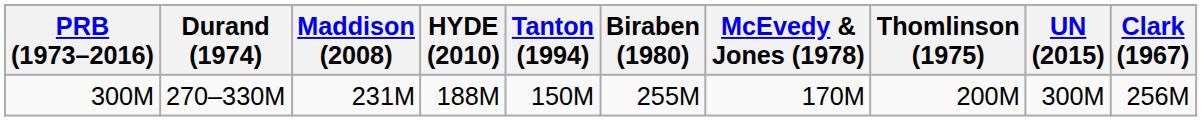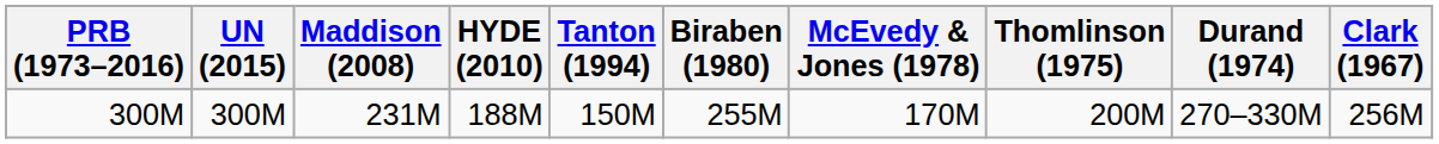 <table class="wikitable" style="text-align:right;font-size:small;">
 <tr>
 <th><a href='#'>PRB</a><br>(1973–2016)</th>
-<th>Durand<br>(1974)</th>
+<th><a href='#'>UN</a><br>(2015)</th>
 <th><a href='#'>Maddison</a><br>(2008)</th>
 <th>HYDE<br>(2010)</th>
 <th><a href='#'>Tanton</a><br>(1994)</th>
 <th>Biraben<br>(1980)</th>
 <th><a href='#'>McEvedy</a> &<br>Jones (1978)</th>
 <th>Thomlinson<br>(1975)</th>
-<th><a href='#'>UN</a><br>(2015)</th>
+<th>Durand<br>(1974)</th>
 <th><a href='#'>Clark</a><br>(1967)</th>
 </tr>
 <tr>
 <td>300M</td>
-<td>270–330M</td>
+<td>300M</td>
 <td>231M</td>
 <td>188M</td>
 <td>150M</td>
 <td>255M</td>
 <td>170M</td>
 <td>200M</td>
-<td>300M</td>
+<td>270–330M</td>
 <td>256M</td>
 </tr>
 </table>
